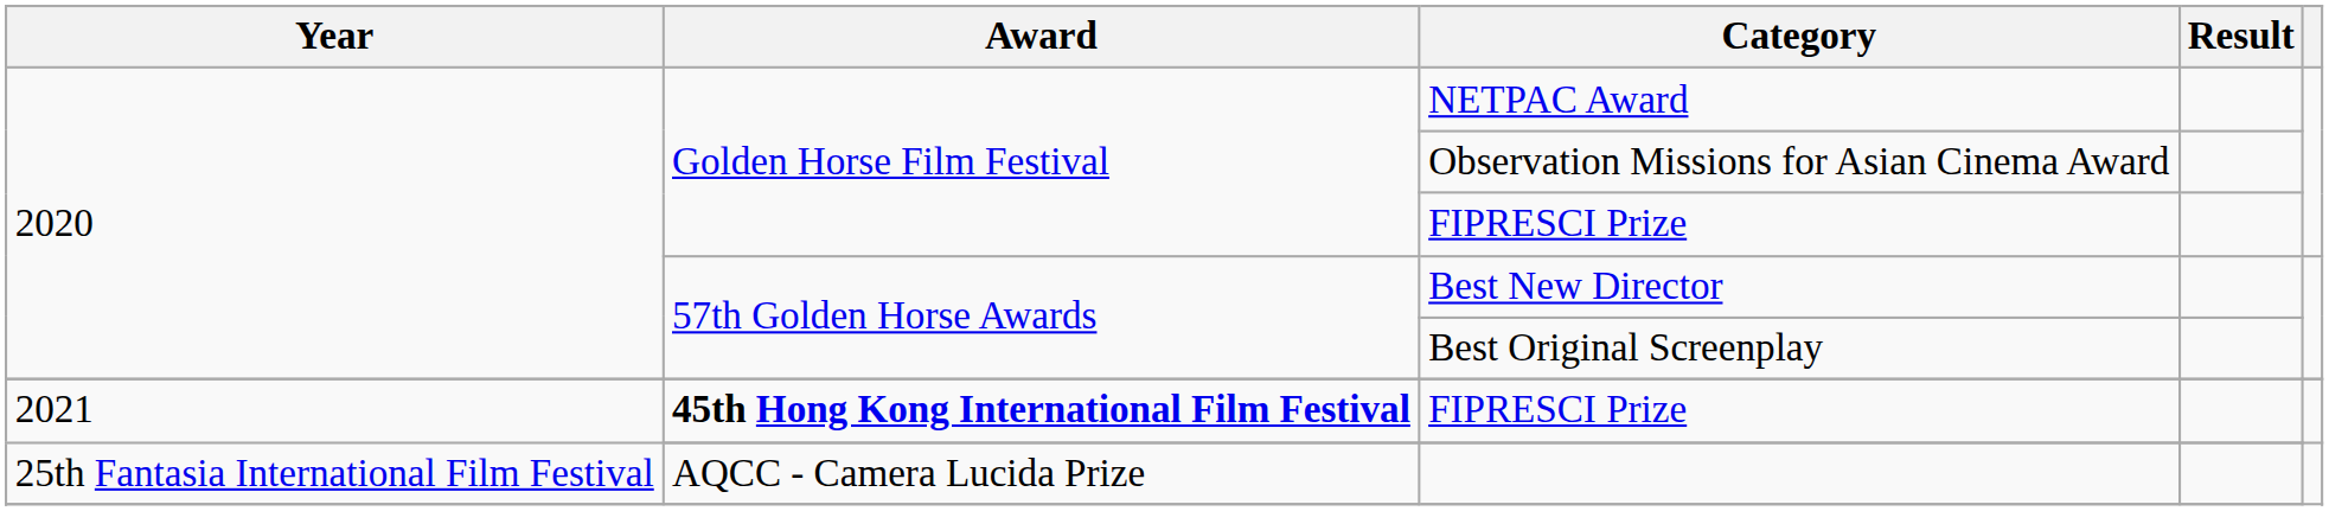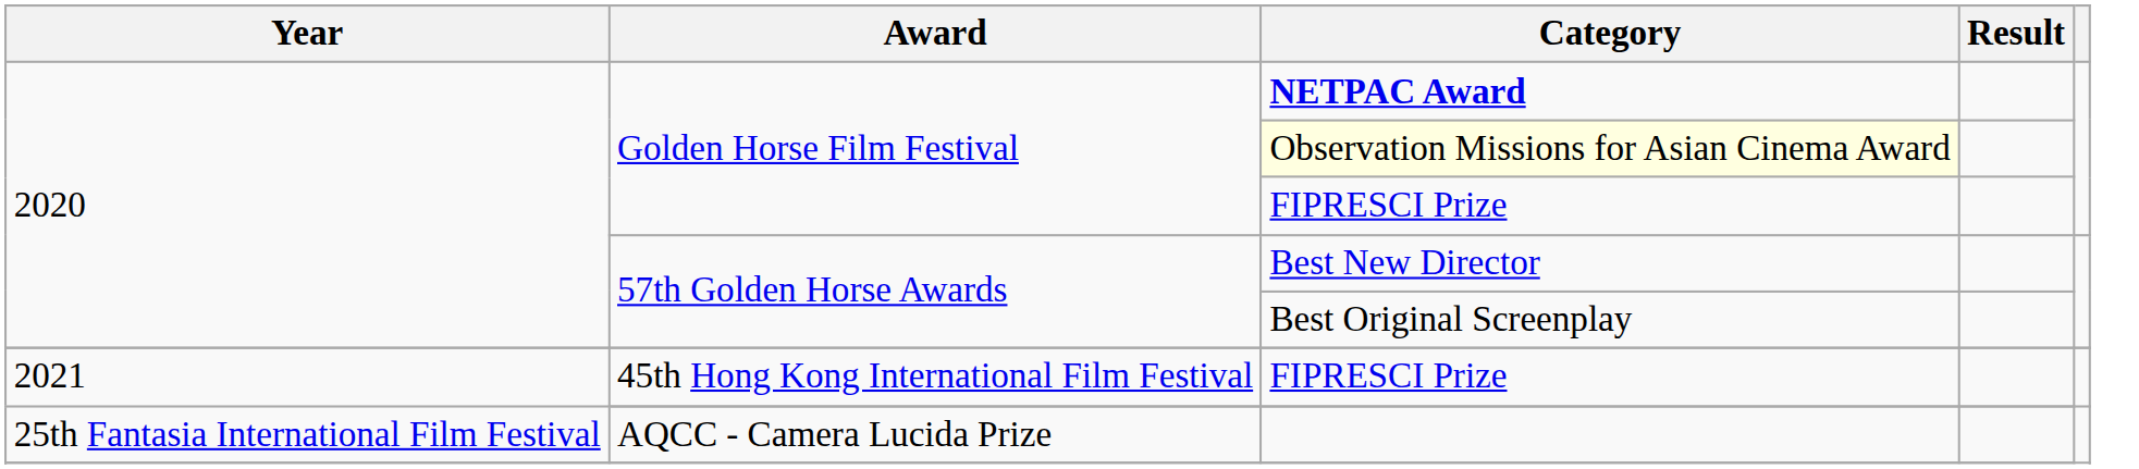 <table class="wikitable sortable plainrowheaders">
 <tr>
 <th>Year</th>
 <th>Award</th>
 <th>Category</th>
 <th>Result</th>
 <th scope="col" class="unsortable"></th>
 </tr>
 <tr>
 <td rowspan="5">2020</td>
 <td rowspan="3"><a href='#'>Golden Horse Film Festival</a></td>
-<td><a href='#'>NETPAC Award</a></td>
+<td><strong><a href='#'>NETPAC Award</a></strong></td>
 <td></td>
 <td rowspan="3"></td>
 </tr>
 <tr>
-<td>Observation Missions for Asian Cinema Award</td>
+<td style="background: lightyellow;">Observation Missions for Asian Cinema Award</td>
 <td></td>
 </tr>
 <tr>
 <td><a href='#'>FIPRESCI Prize</a></td>
 <td></td>
 </tr>
 <tr>
 <td rowspan="2"><a href='#'>57th Golden Horse Awards</a></td>
 <td><a href='#'>Best New Director</a></td>
 <td></td>
 <td rowspan="2"></td>
 </tr>
 <tr>
 <td>Best Original Screenplay</td>
 <td></td>
 </tr>
 <tr>
 </tr>
 <tr>
 <td rowspan="2">2021</td>
-<td><strong>45th <a href='#'>Hong Kong International Film Festival</a></strong></td>
+<td>45th <a href='#'>Hong Kong International Film Festival</a></td>
 <td><a href='#'>FIPRESCI Prize</a></td>
 <td></td>
 <td></td>
 </tr>
 <tr>
 </tr>
 <tr>
 <td>25th <a href='#'>Fantasia International Film Festival</a></td>
 <td>AQCC - Camera Lucida Prize</td>
 <td></td>
 <td></td>
 </tr>
 <tr>
 </tr>
 <tr>
 </tr>
 </table>
